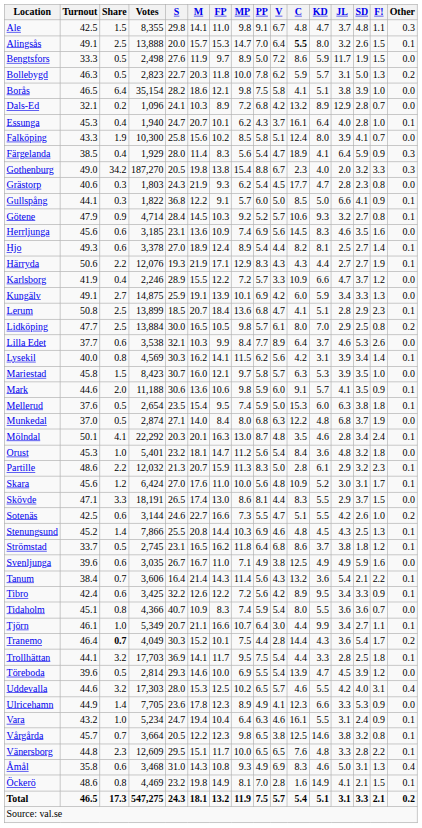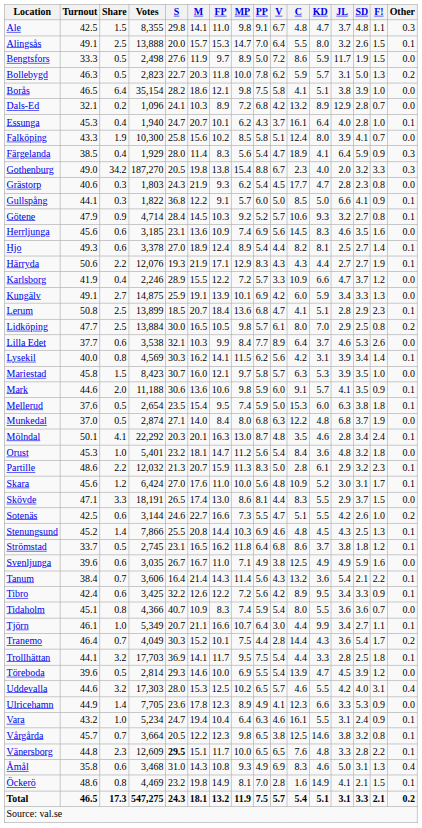 <table class="wikitable sortable" style=text-align:right>
 <tr>
 <th>Location</th>
 <th>Turnout</th>
 <th>Share</th>
 <th>Votes</th>
 <th><a href='#'>S</a></th>
 <th><a href='#'>M</a></th>
 <th><a href='#'>FP</a></th>
 <th><a href='#'>MP</a></th>
 <th><a href='#'>PP</a></th>
 <th><a href='#'>V</a></th>
 <th><a href='#'>C</a></th>
 <th><a href='#'>KD</a></th>
 <th><a href='#'>JL</a></th>
 <th><a href='#'>SD</a></th>
 <th><a href='#'>F!</a></th>
 <th>Other</th>
 </tr>
 <tr>
 <td align=left><a href='#'>Ale</a></td>
 <td>42.5</td>
 <td>1.5</td>
 <td>8,355</td>
 <td>29.8</td>
 <td>14.1</td>
 <td>11.0</td>
 <td>9.8</td>
 <td>9.1</td>
 <td>6.7</td>
 <td>4.8</td>
 <td>4.7</td>
 <td>3.7</td>
 <td>4.8</td>
 <td>1.1</td>
 <td>0.3</td>
 </tr>
 <tr>
 <td align=left><a href='#'>Alingsås</a></td>
 <td>49.1</td>
 <td>2.5</td>
 <td>13,888</td>
 <td>20.0</td>
 <td>15.7</td>
 <td>15.3</td>
 <td>14.7</td>
 <td>7.0</td>
 <td>6.4</td>
-<td><strong>5.5</strong></td>
+<td>5.5</td>
 <td>8.0</td>
 <td>3.2</td>
 <td>2.6</td>
 <td>1.5</td>
 <td>0.1</td>
 </tr>
 <tr>
 <td align=left><a href='#'>Bengtsfors</a></td>
 <td>33.3</td>
 <td>0.5</td>
 <td>2,498</td>
 <td>27.6</td>
 <td>11.9</td>
 <td>9.7</td>
 <td>8.9</td>
 <td>5.0</td>
 <td>7.2</td>
 <td>8.6</td>
 <td>5.9</td>
 <td>11.7</td>
 <td>1.9</td>
 <td>1.5</td>
 <td>0.0</td>
 </tr>
 <tr>
 <td align=left><a href='#'>Bollebygd</a></td>
 <td>46.3</td>
 <td>0.5</td>
 <td>2,823</td>
 <td>22.7</td>
 <td>20.3</td>
 <td>11.8</td>
 <td>10.0</td>
 <td>7.8</td>
 <td>6.2</td>
 <td>5.9</td>
 <td>5.7</td>
 <td>3.1</td>
 <td>5.0</td>
 <td>1.3</td>
 <td>0.2</td>
 </tr>
 <tr>
 <td align=left><a href='#'>Borås</a></td>
 <td>46.5</td>
 <td>6.4</td>
 <td>35,154</td>
 <td>28.2</td>
 <td>18.6</td>
 <td>12.1</td>
 <td>9.8</td>
 <td>7.5</td>
 <td>5.8</td>
 <td>4.1</td>
 <td>5.1</td>
 <td>3.8</td>
 <td>3.9</td>
 <td>1.0</td>
 <td>0.0</td>
 </tr>
 <tr>
 <td align=left><a href='#'>Dals-Ed</a></td>
 <td>32.1</td>
 <td>0.2</td>
 <td>1,096</td>
 <td>24.1</td>
 <td>10.3</td>
 <td>8.9</td>
 <td>7.2</td>
 <td>6.8</td>
 <td>4.2</td>
 <td>13.2</td>
 <td>8.9</td>
 <td>12.9</td>
 <td>2.8</td>
 <td>0.7</td>
 <td>0.0</td>
 </tr>
 <tr>
 <td align=left><a href='#'>Essunga</a></td>
 <td>45.3</td>
 <td>0.4</td>
 <td>1,940</td>
 <td>24.7</td>
 <td>20.7</td>
 <td>10.1</td>
 <td>6.2</td>
 <td>4.3</td>
 <td>3.7</td>
 <td>16.1</td>
 <td>6.4</td>
 <td>4.0</td>
 <td>2.8</td>
 <td>1.0</td>
 <td>0.1</td>
 </tr>
 <tr>
 <td align=left><a href='#'>Falköping</a></td>
 <td>43.3</td>
 <td>1.9</td>
 <td>10,300</td>
 <td>25.8</td>
 <td>15.6</td>
 <td>10.2</td>
 <td>8.5</td>
 <td>5.8</td>
 <td>5.1</td>
 <td>12.4</td>
 <td>8.0</td>
 <td>3.9</td>
 <td>4.1</td>
 <td>0.7</td>
 <td>0.0</td>
 </tr>
 <tr>
 <td align=left><a href='#'>Färgelanda</a></td>
 <td>38.5</td>
 <td>0.4</td>
 <td>1,929</td>
 <td>28.0</td>
 <td>11.4</td>
 <td>8.3</td>
 <td>5.6</td>
 <td>5.4</td>
 <td>4.7</td>
 <td>18.9</td>
 <td>4.1</td>
 <td>6.4</td>
 <td>5.9</td>
 <td>0.9</td>
 <td>0.3</td>
 </tr>
 <tr>
 <td align=left><a href='#'>Gothenburg</a></td>
 <td>49.0</td>
 <td>34.2</td>
 <td>187,270</td>
 <td>20.5</td>
 <td>19.8</td>
 <td>13.8</td>
 <td>15.4</td>
 <td>8.8</td>
 <td>6.7</td>
 <td>2.3</td>
 <td>4.0</td>
 <td>2.0</td>
 <td>3.2</td>
 <td>3.3</td>
 <td>0.3</td>
 </tr>
 <tr>
 <td align=left><a href='#'>Grästorp</a></td>
 <td>40.6</td>
 <td>0.3</td>
 <td>1,803</td>
 <td>24.3</td>
 <td>21.9</td>
 <td>9.3</td>
 <td>6.2</td>
 <td>5.4</td>
 <td>4.5</td>
 <td>17.7</td>
 <td>4.7</td>
 <td>2.8</td>
 <td>2.3</td>
 <td>0.8</td>
 <td>0.0</td>
 </tr>
 <tr>
 <td align=left><a href='#'>Gullspång</a></td>
 <td>44.1</td>
 <td>0.3</td>
 <td>1,822</td>
 <td>36.8</td>
 <td>12.2</td>
 <td>9.1</td>
 <td>5.7</td>
 <td>6.0</td>
 <td>5.0</td>
 <td>8.5</td>
 <td>5.0</td>
 <td>6.6</td>
 <td>4.1</td>
 <td>0.9</td>
 <td>0.1</td>
 </tr>
 <tr>
 <td align=left><a href='#'>Götene</a></td>
 <td>47.9</td>
 <td>0.9</td>
 <td>4,714</td>
 <td>28.4</td>
 <td>14.5</td>
 <td>10.3</td>
 <td>9.2</td>
 <td>5.2</td>
 <td>5.7</td>
 <td>10.6</td>
 <td>9.3</td>
 <td>3.2</td>
 <td>2.7</td>
 <td>0.8</td>
 <td>0.1</td>
 </tr>
 <tr>
 <td align=left><a href='#'>Herrljunga</a></td>
 <td>45.6</td>
 <td>0.6</td>
 <td>3,185</td>
 <td>23.1</td>
 <td>13.6</td>
 <td>10.9</td>
 <td>7.4</td>
 <td>6.9</td>
 <td>5.6</td>
 <td>14.5</td>
 <td>8.3</td>
 <td>4.6</td>
 <td>3.5</td>
 <td>1.6</td>
 <td>0.0</td>
 </tr>
 <tr>
 <td align=left><a href='#'>Hjo</a></td>
 <td>49.3</td>
 <td>0.6</td>
 <td>3,378</td>
 <td>27.0</td>
 <td>18.9</td>
 <td>12.4</td>
 <td>8.9</td>
 <td>5.4</td>
 <td>4.4</td>
 <td>8.2</td>
 <td>8.1</td>
 <td>2.5</td>
 <td>2.7</td>
 <td>1.4</td>
 <td>0.1</td>
 </tr>
 <tr>
 <td align=left><a href='#'>Härryda</a></td>
 <td>50.6</td>
 <td>2.2</td>
 <td>12,076</td>
 <td>19.3</td>
 <td>21.9</td>
 <td>17.1</td>
 <td>12.9</td>
 <td>8.3</td>
 <td>4.3</td>
 <td>4.3</td>
 <td>4.4</td>
 <td>2.7</td>
 <td>2.7</td>
 <td>1.9</td>
 <td>0.1</td>
 </tr>
 <tr>
 <td align=left><a href='#'>Karlsborg</a></td>
 <td>41.9</td>
 <td>0.4</td>
 <td>2,246</td>
 <td>28.9</td>
 <td>15.5</td>
 <td>12.2</td>
 <td>7.2</td>
 <td>5.7</td>
 <td>3.3</td>
 <td>10.9</td>
 <td>6.6</td>
 <td>4.7</td>
 <td>3.7</td>
 <td>1.2</td>
 <td>0.0</td>
 </tr>
 <tr>
 <td align=left><a href='#'>Kungälv</a></td>
 <td>49.1</td>
 <td>2.7</td>
 <td>14,875</td>
 <td>25.9</td>
 <td>19.1</td>
 <td>13.9</td>
 <td>10.1</td>
 <td>6.9</td>
 <td>4.2</td>
 <td>6.0</td>
 <td>5.9</td>
 <td>3.4</td>
 <td>3.3</td>
 <td>1.3</td>
 <td>0.0</td>
 </tr>
 <tr>
 <td align=left><a href='#'>Lerum</a></td>
 <td>50.8</td>
 <td>2.5</td>
 <td>13,899</td>
 <td>18.5</td>
 <td>20.7</td>
 <td>18.4</td>
 <td>13.6</td>
 <td>6.8</td>
 <td>4.7</td>
 <td>4.1</td>
 <td>5.1</td>
 <td>2.8</td>
 <td>2.9</td>
 <td>2.3</td>
 <td>0.1</td>
 </tr>
 <tr>
 <td align=left><a href='#'>Lidköping</a></td>
 <td>47.7</td>
 <td>2.5</td>
 <td>13,884</td>
 <td>30.0</td>
 <td>16.5</td>
 <td>10.5</td>
 <td>9.8</td>
 <td>5.7</td>
 <td>6.1</td>
 <td>8.0</td>
 <td>7.0</td>
 <td>2.9</td>
 <td>2.5</td>
 <td>0.8</td>
 <td>0.2</td>
 </tr>
 <tr>
 <td align=left><a href='#'>Lilla Edet</a></td>
 <td>37.7</td>
 <td>0.6</td>
 <td>3,538</td>
 <td>32.1</td>
 <td>10.3</td>
 <td>9.9</td>
 <td>8.4</td>
 <td>7.7</td>
 <td>8.9</td>
 <td>6.4</td>
 <td>3.7</td>
 <td>4.6</td>
 <td>5.3</td>
 <td>2.6</td>
 <td>0.0</td>
 </tr>
 <tr>
 <td align=left><a href='#'>Lysekil</a></td>
 <td>40.0</td>
 <td>0.8</td>
 <td>4,569</td>
 <td>30.3</td>
 <td>16.2</td>
 <td>14.1</td>
 <td>11.5</td>
 <td>6.2</td>
 <td>5.6</td>
 <td>4.2</td>
 <td>3.1</td>
 <td>3.9</td>
 <td>3.4</td>
 <td>1.4</td>
 <td>0.1</td>
 </tr>
 <tr>
 <td align=left><a href='#'>Mariestad</a></td>
 <td>45.8</td>
 <td>1.5</td>
 <td>8,423</td>
 <td>30.7</td>
 <td>16.0</td>
 <td>12.1</td>
 <td>9.7</td>
 <td>5.8</td>
 <td>5.7</td>
 <td>6.3</td>
 <td>5.3</td>
 <td>3.9</td>
 <td>3.5</td>
 <td>1.0</td>
 <td>0.0</td>
 </tr>
 <tr>
 <td align=left><a href='#'>Mark</a></td>
 <td>44.6</td>
 <td>2.0</td>
 <td>11,188</td>
 <td>30.6</td>
 <td>13.6</td>
 <td>10.6</td>
 <td>9.8</td>
 <td>5.9</td>
 <td>6.0</td>
 <td>9.1</td>
 <td>5.7</td>
 <td>4.1</td>
 <td>3.5</td>
 <td>0.9</td>
 <td>0.1</td>
 </tr>
 <tr>
 <td align=left><a href='#'>Mellerud</a></td>
 <td>37.6</td>
 <td>0.5</td>
 <td>2,654</td>
 <td>23.5</td>
 <td>15.4</td>
 <td>9.5</td>
 <td>7.4</td>
 <td>5.9</td>
 <td>5.0</td>
 <td>15.3</td>
 <td>6.0</td>
 <td>6.3</td>
 <td>3.8</td>
 <td>1.8</td>
 <td>0.1</td>
 </tr>
 <tr>
 <td align=left><a href='#'>Munkedal</a></td>
 <td>37.0</td>
 <td>0.5</td>
 <td>2,874</td>
 <td>27.1</td>
 <td>14.0</td>
 <td>8.4</td>
 <td>8.0</td>
 <td>6.8</td>
 <td>6.3</td>
 <td>12.2</td>
 <td>4.8</td>
 <td>6.8</td>
 <td>3.7</td>
 <td>1.9</td>
 <td>0.0</td>
 </tr>
 <tr>
 <td align=left><a href='#'>Mölndal</a></td>
 <td>50.1</td>
 <td>4.1</td>
 <td>22,292</td>
 <td>20.3</td>
 <td>20.1</td>
 <td>16.3</td>
 <td>13.0</td>
 <td>8.7</td>
 <td>4.8</td>
 <td>3.5</td>
 <td>4.6</td>
 <td>2.8</td>
 <td>3.4</td>
 <td>2.4</td>
 <td>0.1</td>
 </tr>
 <tr>
 <td align=left><a href='#'>Orust</a></td>
 <td>45.3</td>
 <td>1.0</td>
 <td>5,401</td>
 <td>23.2</td>
 <td>18.1</td>
 <td>14.7</td>
 <td>11.2</td>
 <td>5.6</td>
 <td>5.4</td>
 <td>8.4</td>
 <td>3.6</td>
 <td>4.8</td>
 <td>3.2</td>
 <td>1.8</td>
 <td>0.0</td>
 </tr>
 <tr>
 <td align=left><a href='#'>Partille</a></td>
 <td>48.6</td>
 <td>2.2</td>
 <td>12,032</td>
 <td>21.3</td>
 <td>20.7</td>
 <td>15.9</td>
 <td>11.3</td>
 <td>8.3</td>
 <td>5.0</td>
 <td>2.8</td>
 <td>6.1</td>
 <td>2.9</td>
 <td>3.2</td>
 <td>2.3</td>
 <td>0.1</td>
 </tr>
 <tr>
 <td align=left><a href='#'>Skara</a></td>
 <td>45.6</td>
 <td>1.2</td>
 <td>6,424</td>
 <td>27.0</td>
 <td>17.6</td>
 <td>11.0</td>
 <td>10.0</td>
 <td>5.6</td>
 <td>4.8</td>
 <td>10.9</td>
 <td>5.2</td>
 <td>3.0</td>
 <td>3.1</td>
 <td>1.7</td>
 <td>0.1</td>
 </tr>
 <tr>
 <td align=left><a href='#'>Skövde</a></td>
 <td>47.1</td>
 <td>3.3</td>
 <td>18,191</td>
 <td>26.5</td>
 <td>17.4</td>
 <td>13.0</td>
 <td>8.6</td>
 <td>8.1</td>
 <td>4.4</td>
 <td>8.3</td>
 <td>5.5</td>
 <td>2.9</td>
 <td>3.7</td>
 <td>1.5</td>
 <td>0.0</td>
 </tr>
 <tr>
 <td align=left><a href='#'>Sotenäs</a></td>
 <td>42.5</td>
 <td>0.6</td>
 <td>3,144</td>
 <td>24.6</td>
 <td>22.7</td>
 <td>16.6</td>
 <td>7.3</td>
 <td>5.5</td>
 <td>4.7</td>
 <td>5.1</td>
 <td>5.5</td>
 <td>4.2</td>
 <td>2.6</td>
 <td>1.0</td>
 <td>0.2</td>
 </tr>
 <tr>
 <td align=left><a href='#'>Stenungsund</a></td>
 <td>45.2</td>
 <td>1.4</td>
 <td>7,866</td>
 <td>25.5</td>
 <td>20.8</td>
 <td>14.4</td>
 <td>10.3</td>
 <td>6.9</td>
 <td>4.6</td>
 <td>4.8</td>
 <td>4.5</td>
 <td>4.3</td>
 <td>2.5</td>
 <td>1.3</td>
 <td>0.1</td>
 </tr>
 <tr>
 <td align=left><a href='#'>Strömstad</a></td>
 <td>33.7</td>
 <td>0.5</td>
 <td>2,745</td>
 <td>23.1</td>
 <td>16.5</td>
 <td>16.2</td>
 <td>11.8</td>
 <td>6.4</td>
 <td>6.8</td>
 <td>8.6</td>
 <td>3.7</td>
 <td>3.8</td>
 <td>1.8</td>
 <td>1.2</td>
 <td>0.1</td>
 </tr>
 <tr>
 <td align=left><a href='#'>Svenljunga</a></td>
 <td>39.6</td>
 <td>0.6</td>
 <td>3,035</td>
 <td>26.7</td>
 <td>16.7</td>
 <td>11.0</td>
 <td>7.1</td>
 <td>4.9</td>
 <td>3.8</td>
 <td>12.5</td>
 <td>4.9</td>
 <td>4.9</td>
 <td>5.9</td>
 <td>1.6</td>
 <td>0.0</td>
 </tr>
 <tr>
 <td align=left><a href='#'>Tanum</a></td>
 <td>38.4</td>
 <td>0.7</td>
 <td>3,606</td>
 <td>16.4</td>
 <td>21.4</td>
 <td>14.3</td>
 <td>11.4</td>
 <td>5.6</td>
 <td>4.3</td>
 <td>13.2</td>
 <td>3.6</td>
 <td>5.4</td>
 <td>2.1</td>
 <td>2.2</td>
 <td>0.1</td>
 </tr>
 <tr>
 <td align=left><a href='#'>Tibro</a></td>
 <td>42.4</td>
 <td>0.6</td>
 <td>3,425</td>
 <td>32.2</td>
 <td>12.6</td>
 <td>12.2</td>
 <td>7.2</td>
 <td>5.6</td>
 <td>4.2</td>
 <td>8.9</td>
 <td>9.5</td>
 <td>3.4</td>
 <td>3.3</td>
 <td>0.9</td>
 <td>0.1</td>
 </tr>
 <tr>
 <td align=left><a href='#'>Tidaholm</a></td>
 <td>45.1</td>
 <td>0.8</td>
 <td>4,366</td>
 <td>40.7</td>
 <td>10.9</td>
 <td>8.3</td>
 <td>7.4</td>
 <td>5.9</td>
 <td>5.4</td>
 <td>8.0</td>
 <td>5.5</td>
 <td>3.6</td>
 <td>3.6</td>
 <td>0.7</td>
 <td>0.0</td>
 </tr>
 <tr>
 <td align=left><a href='#'>Tjörn</a></td>
 <td>46.1</td>
 <td>1.0</td>
 <td>5,349</td>
 <td>20.7</td>
 <td>21.1</td>
 <td>16.6</td>
 <td>10.7</td>
 <td>6.4</td>
 <td>3.0</td>
 <td>4.4</td>
 <td>9.9</td>
 <td>3.4</td>
 <td>2.7</td>
 <td>1.1</td>
 <td>0.1</td>
 </tr>
 <tr>
 <td align=left><a href='#'>Tranemo</a></td>
 <td>46.4</td>
-<td><strong>0.7</strong></td>
+<td>0.7</td>
 <td>4,049</td>
 <td>30.3</td>
 <td>15.2</td>
 <td>10.1</td>
 <td>7.5</td>
 <td>4.4</td>
 <td>2.8</td>
 <td>14.4</td>
 <td>4.3</td>
 <td>3.6</td>
 <td>5.4</td>
 <td>1.7</td>
 <td>0.2</td>
 </tr>
 <tr>
 <td align=left><a href='#'>Trollhättan</a></td>
 <td>44.1</td>
 <td>3.2</td>
 <td>17,703</td>
 <td>36.9</td>
 <td>14.1</td>
 <td>11.7</td>
 <td>9.5</td>
 <td>7.5</td>
 <td>5.4</td>
 <td>4.4</td>
 <td>3.3</td>
 <td>2.8</td>
 <td>2.5</td>
 <td>1.8</td>
 <td>0.1</td>
 </tr>
 <tr>
 <td align=left><a href='#'>Töreboda</a></td>
 <td>39.6</td>
 <td>0.5</td>
 <td>2,814</td>
 <td>29.3</td>
 <td>14.6</td>
 <td>10.0</td>
 <td>6.9</td>
 <td>5.5</td>
 <td>5.4</td>
 <td>13.9</td>
 <td>4.7</td>
 <td>4.5</td>
 <td>3.9</td>
 <td>1.2</td>
 <td>0.0</td>
 </tr>
 <tr>
 <td align=left><a href='#'>Uddevalla</a></td>
 <td>44.6</td>
 <td>3.2</td>
 <td>17,303</td>
 <td>28.0</td>
 <td>15.3</td>
 <td>12.5</td>
 <td>10.2</td>
 <td>6.5</td>
 <td>5.7</td>
 <td>4.6</td>
 <td>5.5</td>
 <td>4.2</td>
 <td>4.0</td>
 <td>3.1</td>
 <td>0.4</td>
 </tr>
 <tr>
 <td align=left><a href='#'>Ulricehamn</a></td>
 <td>44.9</td>
 <td>1.4</td>
 <td>7,705</td>
 <td>23.6</td>
 <td>17.8</td>
 <td>12.3</td>
 <td>8.9</td>
 <td>4.9</td>
 <td>4.1</td>
 <td>12.3</td>
 <td>6.6</td>
 <td>3.3</td>
 <td>5.3</td>
 <td>0.9</td>
 <td>0.0</td>
 </tr>
 <tr>
 <td align=left><a href='#'>Vara</a></td>
 <td>43.2</td>
 <td>1.0</td>
 <td>5,234</td>
 <td>24.7</td>
 <td>19.4</td>
 <td>10.4</td>
 <td>6.4</td>
 <td>6.3</td>
 <td>4.6</td>
 <td>16.1</td>
 <td>5.5</td>
 <td>3.1</td>
 <td>2.4</td>
 <td>0.9</td>
 <td>0.1</td>
 </tr>
 <tr>
 <td align=left><a href='#'>Vårgårda</a></td>
 <td>45.7</td>
 <td>0.7</td>
 <td>3,664</td>
 <td>20.5</td>
 <td>12.2</td>
 <td>12.3</td>
 <td>9.8</td>
 <td>6.5</td>
 <td>3.8</td>
 <td>12.5</td>
 <td>14.6</td>
 <td>3.8</td>
 <td>3.2</td>
 <td>0.8</td>
 <td>0.1</td>
 </tr>
 <tr>
 <td align=left><a href='#'>Vänersborg</a></td>
 <td>44.8</td>
 <td>2.3</td>
 <td>12,609</td>
-<td>29.5</td>
+<td><strong>29.5</strong></td>
 <td>15.1</td>
 <td>11.7</td>
 <td>10.0</td>
 <td>6.5</td>
 <td>6.5</td>
 <td>7.6</td>
 <td>4.8</td>
 <td>3.3</td>
 <td>2.8</td>
 <td>2.2</td>
 <td>0.1</td>
 </tr>
 <tr>
 <td align=left><a href='#'>Åmål</a></td>
 <td>35.8</td>
 <td>0.6</td>
 <td>3,468</td>
 <td>31.0</td>
 <td>14.3</td>
 <td>10.8</td>
 <td>9.3</td>
 <td>4.9</td>
 <td>6.9</td>
 <td>8.3</td>
 <td>4.6</td>
 <td>5.0</td>
 <td>3.1</td>
 <td>1.3</td>
 <td>0.4</td>
 </tr>
 <tr>
 <td align=left><a href='#'>Öckerö</a></td>
 <td>48.6</td>
 <td>0.8</td>
 <td>4,469</td>
 <td>23.2</td>
 <td>19.8</td>
 <td>14.9</td>
 <td>8.1</td>
 <td>7.0</td>
 <td>2.8</td>
 <td>1.6</td>
 <td>14.9</td>
 <td>4.1</td>
 <td>2.1</td>
 <td>1.5</td>
 <td>0.1</td>
 </tr>
 <tr>
 <td align=left><strong>Total</strong></td>
 <td><strong>46.5</strong></td>
 <td><strong>17.3</strong></td>
 <td><strong>547,275</strong></td>
 <td><strong>24.3</strong></td>
 <td><strong>18.1</strong></td>
 <td><strong>13.2</strong></td>
 <td><strong>11.9</strong></td>
 <td><strong>7.5</strong></td>
 <td><strong>5.7</strong></td>
 <td><strong>5.4</strong></td>
 <td><strong>5.1</strong></td>
 <td><strong>3.1</strong></td>
 <td><strong>3.3</strong></td>
 <td><strong>2.1</strong></td>
 <td><strong>0.2</strong></td>
 </tr>
 <tr>
 <td align=left colspan=16>Source: val.se </td>
 </tr>
 </table>
